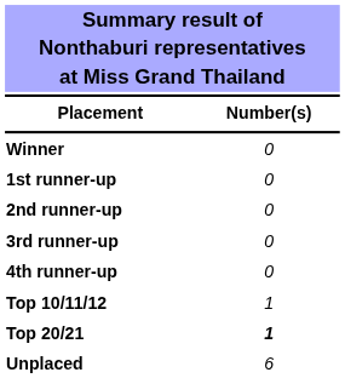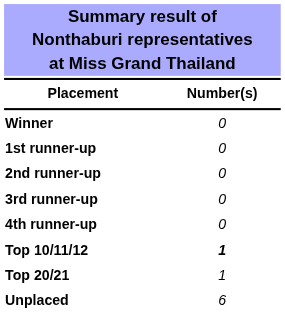 <table style="width: 270px; font-size:85%; line-height:1.5em;">
 <tr>
 <th colspan="2" align="center" style="background:#AAF;"><big>Summary result of<br>Nonthaburi representatives<br>at Miss Grand Thailand</big></th>
 </tr>
 <tr>
 <td colspan="2" style="background:black"></td>
 </tr>
 <tr>
 <th scope="col">Placement</th>
 <th scope="col">Number(s)</th>
 </tr>
 <tr>
 <td colspan="2" style="background:black"></td>
 </tr>
 <tr>
 <td align="left"><strong>Winner</strong></td>
 <td align="center"><em>0</em></td>
 </tr>
 <tr>
 <td align="left"><strong>1st runner-up</strong></td>
 <td align="center"><em>0</em></td>
 </tr>
 <tr>
 <td align="left"><strong>2nd runner-up</strong></td>
 <td align="center"><em>0</em></td>
 </tr>
 <tr>
 <td align="left"><strong>3rd runner-up</strong></td>
 <td align="center"><em>0</em></td>
 </tr>
 <tr>
 <td align="left"><strong>4th runner-up</strong></td>
 <td align="center"><em>0</em></td>
 </tr>
 <tr>
 <td align="left"><strong>Top 10/11/12</strong></td>
-<td align="center"><em>1</em></td>
+<td align="center"><strong><em>1</em></strong></td>
 </tr>
 <tr>
 <td align="left"><strong>Top 20/21</strong></td>
-<td align="center"><strong><em>1</em></strong></td>
+<td align="center"><em>1</em></td>
 </tr>
 <tr>
 <td align="left"><strong>Unplaced</strong></td>
 <td align="center"><em>6</em></td>
 </tr>
 </table>
